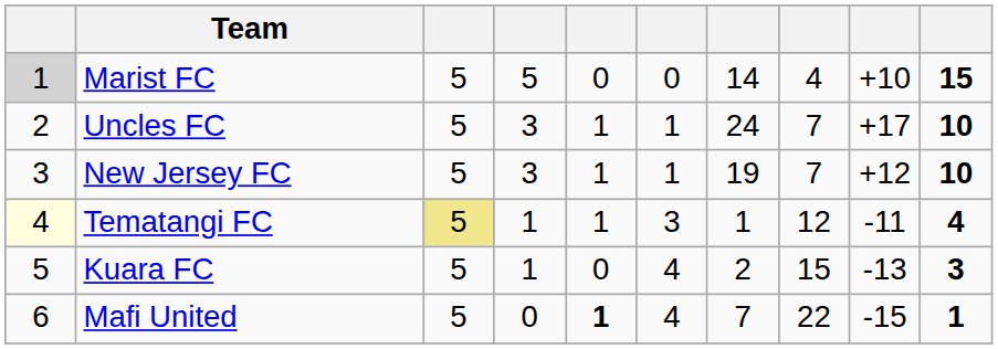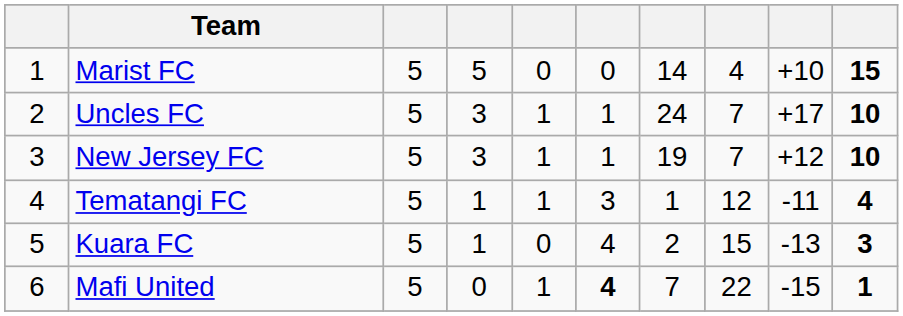 <table class="wikitable" style="text-align: center;">
 <tr>
 <th width="30"></th>
 <th width="175">Team</th>
 <th width="30"></th>
 <th width="30"></th>
 <th width="30"></th>
 <th width="30"></th>
 <th width="30"></th>
 <th width="30"></th>
 <th width="30"></th>
 <th width="30"></th>
 </tr>
 <tr>
-<td style="background: lightgrey;">1</td>
+<td>1</td>
 <td align="left"><a href='#'>Marist FC</a></td>
 <td>5</td>
 <td>5</td>
 <td>0</td>
 <td>0</td>
 <td>14</td>
 <td>4</td>
 <td>+10</td>
 <td><strong>15</strong></td>
 </tr>
 <tr>
 <td>2</td>
 <td align="left"><a href='#'>Uncles FC</a></td>
 <td>5</td>
 <td>3</td>
 <td>1</td>
 <td>1</td>
 <td>24</td>
 <td>7</td>
 <td>+17</td>
 <td><strong>10</strong></td>
 </tr>
 <tr>
 <td>3</td>
 <td align="left"><a href='#'>New Jersey FC</a></td>
 <td>5</td>
 <td>3</td>
 <td>1</td>
 <td>1</td>
 <td>19</td>
 <td>7</td>
 <td>+12</td>
 <td><strong>10</strong></td>
 </tr>
 <tr>
-<td style="background: lightyellow;">4</td>
+<td>4</td>
 <td align="left"><a href='#'>Tematangi FC</a></td>
-<td style="background: khaki;">5</td>
+<td>5</td>
 <td>1</td>
 <td>1</td>
 <td>3</td>
 <td>1</td>
 <td>12</td>
 <td>-11</td>
 <td><strong>4</strong></td>
 </tr>
 <tr>
 <td>5</td>
 <td align="left"><a href='#'>Kuara FC</a></td>
 <td>5</td>
 <td>1</td>
 <td>0</td>
 <td>4</td>
 <td>2</td>
 <td>15</td>
 <td>-13</td>
 <td><strong>3</strong></td>
 </tr>
 <tr>
 <td>6</td>
 <td align="left"><a href='#'>Mafi United</a></td>
 <td>5</td>
 <td>0</td>
-<td><strong>1</strong></td>
-<td>4</td>
+<td>1</td>
+<td><strong>4</strong></td>
 <td>7</td>
 <td>22</td>
 <td>-15</td>
 <td><strong>1</strong></td>
 </tr>
 </table>
